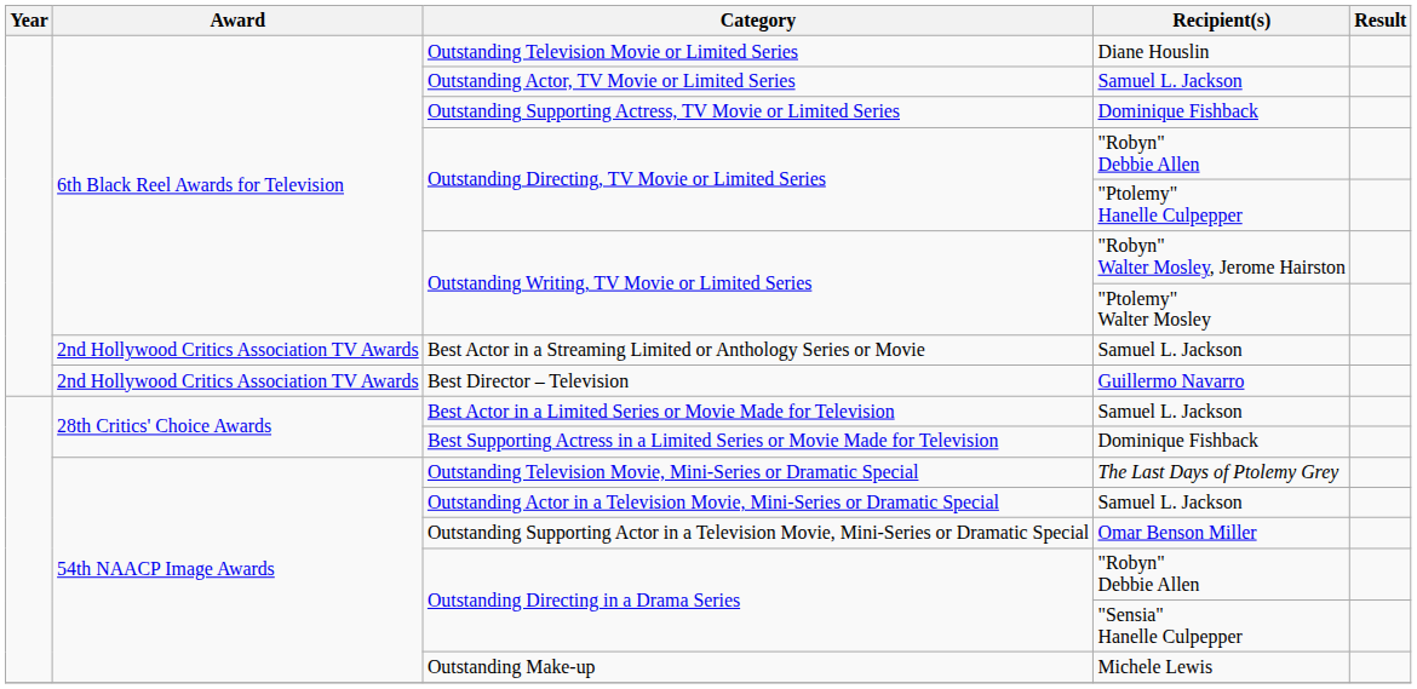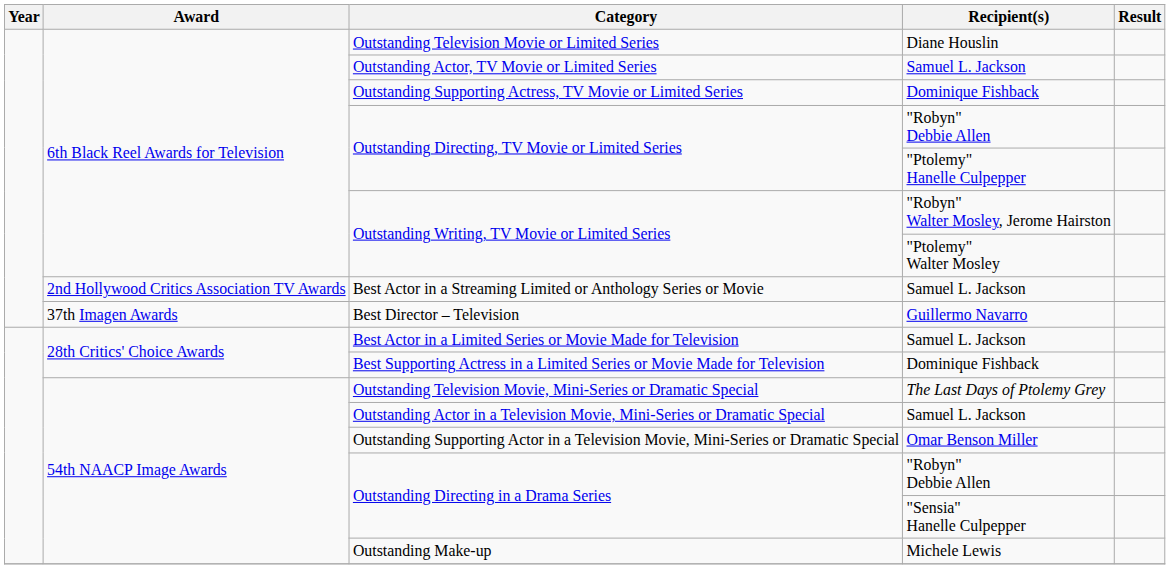 <table class="wikitable sortable">
 <tr>
 <th>Year</th>
 <th>Award</th>
 <th>Category</th>
 <th>Recipient(s)</th>
 <th>Result</th>
 </tr>
 <tr>
 <td rowspan="9"></td>
 <td rowspan="7"><a href='#'>6th Black Reel Awards for Television</a></td>
 <td><a href='#'>Outstanding Television Movie or Limited Series</a></td>
 <td>Diane Houslin</td>
 <td></td>
 </tr>
 <tr>
 <td><a href='#'>Outstanding Actor, TV Movie or Limited Series</a></td>
 <td><a href='#'>Samuel L. Jackson</a></td>
 <td></td>
 </tr>
 <tr>
 <td><a href='#'>Outstanding Supporting Actress, TV Movie or Limited Series</a></td>
 <td><a href='#'>Dominique Fishback</a></td>
 <td></td>
 </tr>
 <tr>
 <td rowspan="2"><a href='#'>Outstanding Directing, TV Movie or Limited Series</a></td>
 <td>"Robyn" <br> <a href='#'>Debbie Allen</a></td>
 <td></td>
 </tr>
 <tr>
 <td>"Ptolemy" <br> <a href='#'>Hanelle Culpepper</a></td>
 <td></td>
 </tr>
 <tr>
 <td rowspan="2"><a href='#'>Outstanding Writing, TV Movie or Limited Series</a></td>
 <td>"Robyn" <br> <a href='#'>Walter Mosley</a>, Jerome Hairston</td>
 <td></td>
 </tr>
 <tr>
 <td>"Ptolemy" <br> Walter Mosley</td>
 <td></td>
 </tr>
 <tr>
 <td><a href='#'>2nd Hollywood Critics Association TV Awards</a></td>
 <td>Best Actor in a Streaming Limited or Anthology Series or Movie</td>
 <td>Samuel L. Jackson</td>
 <td></td>
 </tr>
 <tr>
-<td><a href='#'>2nd Hollywood Critics Association TV Awards</a></td>
+<td>37th <a href='#'>Imagen Awards</a></td>
 <td>Best Director – Television</td>
 <td><a href='#'>Guillermo Navarro</a></td>
 <td></td>
 </tr>
 <tr>
 <td rowspan="8"></td>
 <td rowspan="2"><a href='#'>28th Critics' Choice Awards</a></td>
 <td><a href='#'>Best Actor in a Limited Series or Movie Made for Television</a></td>
 <td>Samuel L. Jackson</td>
 <td></td>
 </tr>
 <tr>
 <td><a href='#'>Best Supporting Actress in a Limited Series or Movie Made for Television</a></td>
 <td>Dominique Fishback</td>
 <td></td>
 </tr>
 <tr>
 <td rowspan="6"><a href='#'>54th NAACP Image Awards</a></td>
 <td><a href='#'>Outstanding Television Movie, Mini-Series or Dramatic Special</a></td>
 <td><em>The Last Days of Ptolemy Grey</em></td>
 <td></td>
 </tr>
 <tr>
 <td><a href='#'>Outstanding Actor in a Television Movie, Mini-Series or Dramatic Special</a></td>
 <td>Samuel L. Jackson</td>
 <td></td>
 </tr>
 <tr>
 <td>Outstanding Supporting Actor in a Television Movie, Mini-Series or Dramatic Special</td>
 <td><a href='#'>Omar Benson Miller</a></td>
 <td></td>
 </tr>
 <tr>
 <td rowspan="2"><a href='#'>Outstanding Directing in a Drama Series</a></td>
 <td>"Robyn" <br> Debbie Allen</td>
 <td></td>
 </tr>
 <tr>
 <td>"Sensia" <br> Hanelle Culpepper</td>
 <td></td>
 </tr>
 <tr>
 <td>Outstanding Make-up</td>
 <td>Michele Lewis</td>
 <td></td>
 </tr>
 <tr>
 </tr>
 </table>
